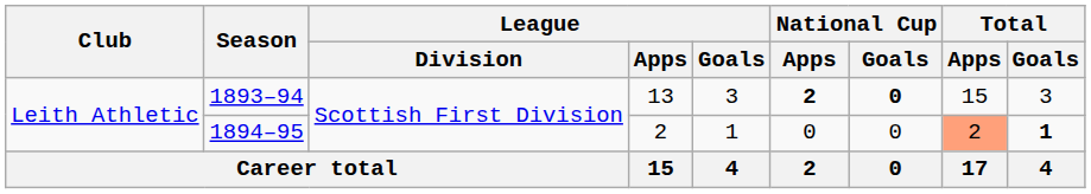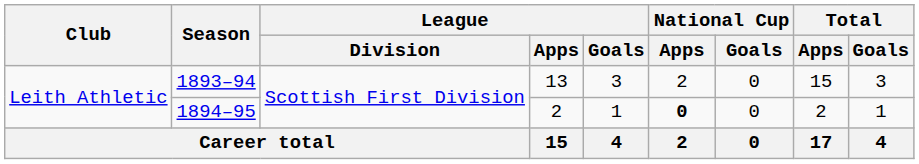 <table class="wikitable" style="text-align: center">
 <tr>
 <th rowspan="2">Club</th>
 <th rowspan="2">Season</th>
 <th colspan="3">League</th>
 <th colspan="2">National Cup</th>
 <th colspan="2">Total</th>
 </tr>
 <tr>
 <th>Division</th>
 <th>Apps</th>
 <th>Goals</th>
 <th>Apps</th>
 <th>Goals</th>
 <th>Apps</th>
 <th>Goals</th>
 </tr>
 <tr>
 <td rowspan="2"><a href='#'>Leith Athletic</a></td>
 <td><a href='#'>1893–94</a></td>
 <td rowspan="2"><a href='#'>Scottish First Division</a></td>
 <td>13</td>
 <td>3</td>
-<td><strong>2</strong></td>
-<td><strong>0</strong></td>
+<td>2</td>
+<td>0</td>
 <td>15</td>
 <td>3</td>
 </tr>
 <tr>
 <td><a href='#'>1894–95</a></td>
 <td>2</td>
 <td>1</td>
+<td><strong>0</strong></td>
 <td>0</td>
-<td>0</td>
-<td style="background: lightsalmon;">2</td>
-<td><strong>1</strong></td>
+<td>2</td>
+<td>1</td>
 </tr>
 <tr>
 <th colspan="3">Career total</th>
 <th>15</th>
 <th>4</th>
 <th>2</th>
 <th>0</th>
 <th>17</th>
 <th>4</th>
 </tr>
 </table>
